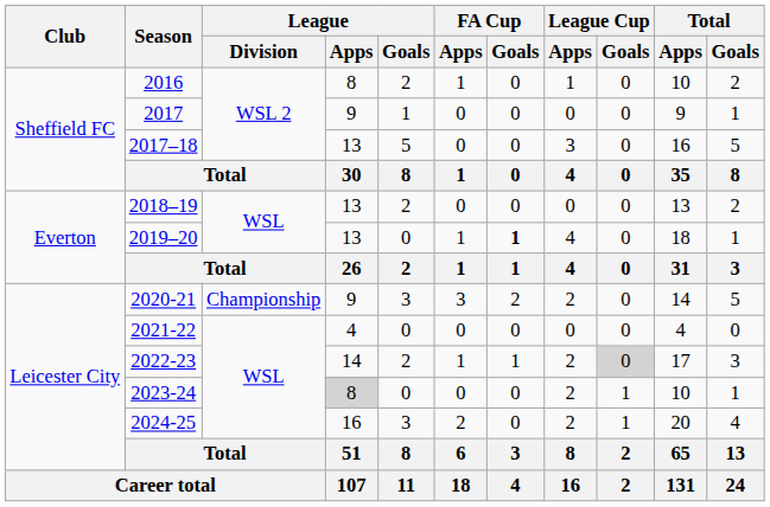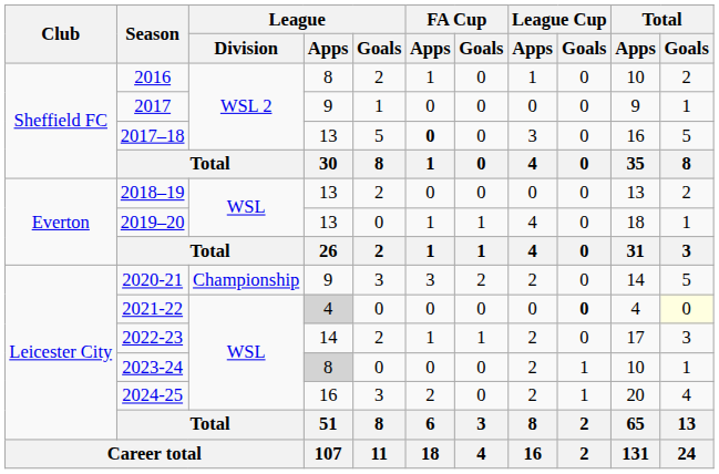 <table class="wikitable" style="text-align:center">
 <tr>
 <th rowspan="2">Club</th>
 <th rowspan="2">Season</th>
 <th colspan="3">League</th>
 <th colspan="2">FA Cup</th>
 <th colspan="2">League Cup</th>
 <th colspan="2">Total</th>
 </tr>
 <tr>
 <th>Division</th>
 <th>Apps</th>
 <th>Goals</th>
 <th>Apps</th>
 <th>Goals</th>
 <th>Apps</th>
 <th>Goals</th>
 <th>Apps</th>
 <th>Goals</th>
 </tr>
 <tr>
 <td rowspan="4"><a href='#'>Sheffield FC</a></td>
 <td><a href='#'>2016</a></td>
 <td rowspan="3"><a href='#'>WSL 2</a></td>
 <td>8</td>
 <td>2</td>
 <td>1</td>
 <td>0</td>
 <td>1</td>
 <td>0</td>
 <td>10</td>
 <td>2</td>
 </tr>
 <tr>
 <td><a href='#'>2017</a></td>
 <td>9</td>
 <td>1</td>
 <td>0</td>
 <td>0</td>
 <td>0</td>
 <td>0</td>
 <td>9</td>
 <td>1</td>
 </tr>
 <tr>
 <td><a href='#'>2017–18</a></td>
 <td>13</td>
 <td>5</td>
-<td>0</td>
+<td><strong>0</strong></td>
 <td>0</td>
 <td>3</td>
 <td>0</td>
 <td>16</td>
 <td>5</td>
 </tr>
 <tr>
 <th colspan="2">Total</th>
 <th>30</th>
 <th>8</th>
 <th>1</th>
 <th>0</th>
 <th>4</th>
 <th>0</th>
 <th>35</th>
 <th>8</th>
 </tr>
 <tr>
 <td rowspan="3"><a href='#'>Everton</a></td>
 <td><a href='#'>2018–19</a></td>
 <td rowspan="2"><a href='#'>WSL</a></td>
 <td>13</td>
 <td>2</td>
 <td>0</td>
 <td>0</td>
 <td>0</td>
 <td>0</td>
 <td>13</td>
 <td>2</td>
 </tr>
 <tr>
 <td><a href='#'>2019–20</a></td>
 <td>13</td>
 <td>0</td>
 <td>1</td>
-<td><strong>1</strong></td>
+<td>1</td>
 <td>4</td>
 <td>0</td>
 <td>18</td>
 <td>1</td>
 </tr>
 <tr>
 <th colspan="2">Total</th>
 <th>26</th>
 <th>2</th>
 <th>1</th>
 <th>1</th>
 <th>4</th>
 <th>0</th>
 <th>31</th>
 <th>3</th>
 </tr>
 <tr>
 <td rowspan="6"><a href='#'>Leicester City</a></td>
 <td><a href='#'>2020-21</a></td>
 <td><a href='#'>Championship</a></td>
 <td>9</td>
 <td>3</td>
 <td>3</td>
 <td>2</td>
 <td>2</td>
 <td>0</td>
 <td>14</td>
 <td>5</td>
 </tr>
 <tr>
 <td><a href='#'>2021-22</a></td>
 <td rowspan="4"><a href='#'>WSL</a></td>
-<td>4</td>
+<td style="background: lightgrey;">4</td>
 <td>0</td>
 <td>0</td>
 <td>0</td>
 <td>0</td>
-<td>0</td>
+<td><strong>0</strong></td>
 <td>4</td>
-<td>0</td>
+<td style="background: lightyellow;">0</td>
 </tr>
 <tr>
 <td><a href='#'>2022-23</a></td>
 <td>14</td>
 <td>2</td>
 <td>1</td>
 <td>1</td>
 <td>2</td>
-<td style="background: lightgrey;">0</td>
+<td>0</td>
 <td>17</td>
 <td>3</td>
 </tr>
 <tr>
 <td><a href='#'>2023-24</a></td>
 <td style="background: lightgrey;">8</td>
 <td>0</td>
 <td>0</td>
 <td>0</td>
 <td>2</td>
 <td>1</td>
 <td>10</td>
 <td>1</td>
 </tr>
 <tr>
 <td><a href='#'>2024-25</a></td>
 <td>16</td>
 <td>3</td>
 <td>2</td>
 <td>0</td>
 <td>2</td>
 <td>1</td>
 <td>20</td>
 <td>4</td>
 </tr>
 <tr>
 <th colspan="2">Total</th>
 <th>51</th>
 <th>8</th>
 <th>6</th>
 <th>3</th>
 <th>8</th>
 <th>2</th>
 <th>65</th>
 <th>13</th>
 </tr>
 <tr>
 <th colspan="3">Career total</th>
 <th>107</th>
 <th>11</th>
 <th>18</th>
 <th>4</th>
 <th>16</th>
 <th>2</th>
 <th>131</th>
 <th>24</th>
 </tr>
 </table>
